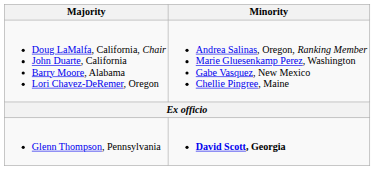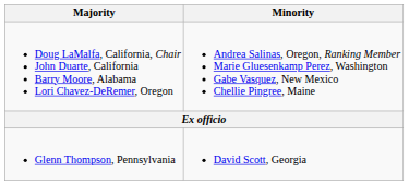 <table class=wikitable>
 <tr>
 <th>Majority</th>
 <th>Minority</th>
 </tr>
 <tr>
 <td><br><ul><li><a href='#'>Doug LaMalfa</a>, California, <em>Chair</em></li><li><a href='#'>John Duarte</a>, California</li><li><a href='#'>Barry Moore</a>, Alabama</li><li><a href='#'>Lori Chavez-DeRemer</a>, Oregon</li></ul></td>
 <td><br><ul><li><a href='#'>Andrea Salinas</a>, Oregon, <em>Ranking Member</em></li><li><a href='#'>Marie Gluesenkamp Perez</a>, Washington</li><li><a href='#'>Gabe Vasquez</a>, New Mexico</li><li><a href='#'>Chellie Pingree</a>, Maine</li></ul></td>
 </tr>
 <tr>
 <th colspan=2><em>Ex officio</em></th>
 </tr>
 <tr>
 <td><br><ul><li><a href='#'>Glenn Thompson</a>, Pennsylvania</li></ul></td>
-<td><strong><br><ul><li><a href='#'>David Scott</a>, Georgia</li></ul></strong></td>
+<td><br><ul><li><a href='#'>David Scott</a>, Georgia</li></ul></td>
 </tr>
 </table>
